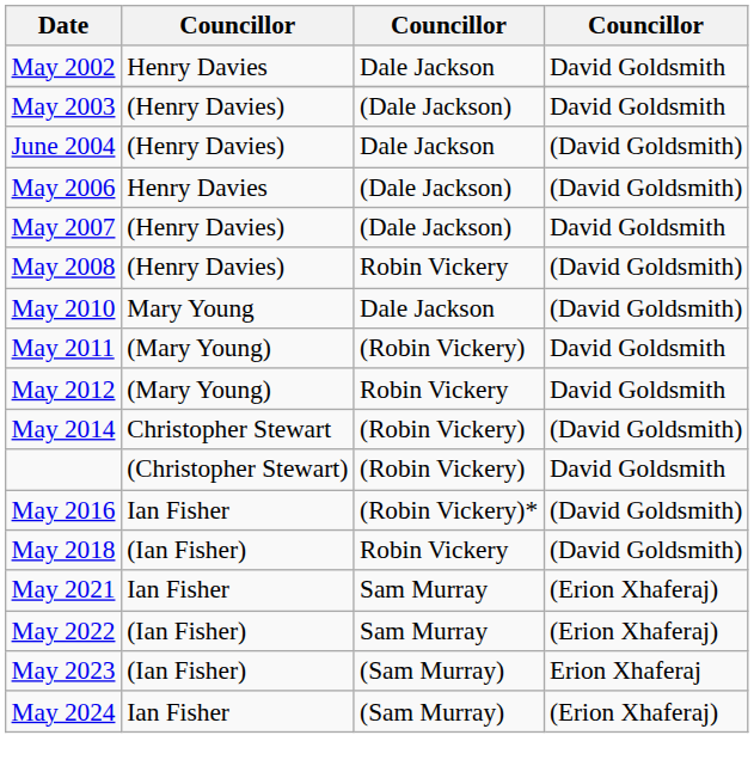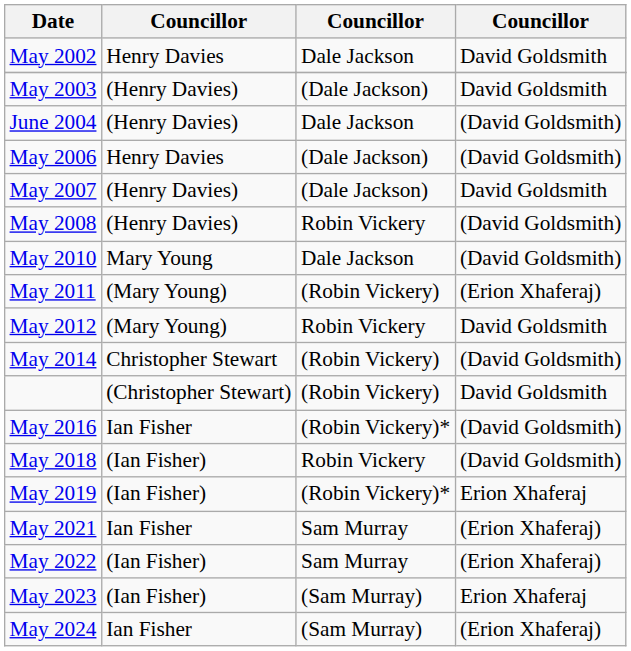 <table class="wikitable">
 <tr>
 <th>Date</th>
 <th>Councillor</th>
 <th>Councillor</th>
 <th>Councillor</th>
 </tr>
 <tr>
 <td><a href='#'>May 2002</a></td>
 <td ! style="background-color:">Henry Davies</td>
 <td ! style="background-color:">Dale Jackson</td>
 <td ! style="background-color:">David Goldsmith</td>
 </tr>
 <tr>
 </tr>
 <tr>
 <td><a href='#'>May 2003</a></td>
 <td ! style="background-color:">(Henry Davies)</td>
 <td ! style="background-color:">(Dale Jackson)</td>
 <td ! style="background-color:">David Goldsmith</td>
 </tr>
 <tr>
 <td><a href='#'>June 2004</a></td>
 <td ! style="background-color:">(Henry Davies)</td>
 <td ! style="background-color:">Dale Jackson</td>
 <td ! style="background-color:">(David Goldsmith)</td>
 </tr>
 <tr>
 <td><a href='#'>May 2006</a></td>
 <td ! style="background-color:">Henry Davies</td>
 <td ! style="background-color:">(Dale Jackson)</td>
 <td ! style="background-color:">(David Goldsmith)</td>
 </tr>
 <tr>
 <td><a href='#'>May 2007</a></td>
 <td ! style="background-color:">(Henry Davies)</td>
 <td ! style="background-color:">(Dale Jackson)</td>
 <td ! style="background-color:">David Goldsmith</td>
 </tr>
 <tr>
 <td><a href='#'>May 2008</a></td>
 <td ! style="background-color:">(Henry Davies)</td>
 <td ! style="background-color:">Robin Vickery</td>
 <td ! style="background-color:">(David Goldsmith)</td>
 </tr>
 <tr>
 <td><a href='#'>May 2010</a></td>
 <td ! style="background-color:">Mary Young</td>
 <td ! style="background-color:">Dale Jackson</td>
 <td ! style="background-color:">(David Goldsmith)</td>
 </tr>
 <tr>
 <td><a href='#'>May 2011</a></td>
 <td ! style="background-color:">(Mary Young)</td>
 <td ! style="background-color:">(Robin Vickery)</td>
-<td ! style="background-color:">David Goldsmith</td>
+<td ! style="background-color:">(Erion Xhaferaj)</td>
 </tr>
 <tr>
 <td><a href='#'>May 2012</a></td>
 <td ! style="background-color:">(Mary Young)</td>
 <td ! style="background-color:">Robin Vickery</td>
 <td ! style="background-color:">David Goldsmith</td>
 </tr>
 <tr>
 <td><a href='#'>May 2014</a></td>
 <td ! style="background-color:">Christopher Stewart</td>
 <td ! style="background-color:">(Robin Vickery)</td>
 <td ! style="background-color:">(David Goldsmith)</td>
 </tr>
 <tr>
 <td></td>
 <td ! style="background-color:">(Christopher Stewart)</td>
 <td ! style="background-color:">(Robin Vickery)</td>
 <td ! style="background-color:">David Goldsmith</td>
 </tr>
 <tr>
 <td><a href='#'>May 2016</a></td>
 <td ! style="background-color:">Ian Fisher</td>
 <td ! style="background-color:">(Robin Vickery)*</td>
 <td ! style="background-color:">(David Goldsmith)</td>
 </tr>
 <tr>
 <td><a href='#'>May 2018</a></td>
 <td ! style="background-color:">(Ian Fisher)</td>
 <td ! style="background-color:">Robin Vickery</td>
 <td ! style="background-color:">(David Goldsmith)</td>
 </tr>
 <tr>
+<td><a href='#'>May 2019</a></td>
+<td ! style="background-color:">(Ian Fisher)</td>
+<td ! style="background-color:">(Robin Vickery)*</td>
+<td ! style="background-color:">Erion Xhaferaj</td>
+</tr>
+<tr>
 <td><a href='#'>May 2021</a></td>
 <td ! style="background-color:">Ian Fisher</td>
 <td ! style="background-color:">Sam Murray</td>
 <td ! style="background-color:">(Erion Xhaferaj)</td>
 </tr>
 <tr>
 <td><a href='#'>May 2022</a></td>
 <td ! style="background-color:">(Ian Fisher)</td>
 <td ! style="background-color:">Sam Murray</td>
 <td ! style="background-color:">(Erion Xhaferaj)</td>
 </tr>
 <tr>
 <td><a href='#'>May 2023</a></td>
 <td ! style="background-color:">(Ian Fisher)</td>
 <td ! style="background-color:">(Sam Murray)</td>
 <td ! style="background-color:">Erion Xhaferaj</td>
 </tr>
 <tr>
 <td><a href='#'>May 2024</a></td>
 <td ! style="background-color:">Ian Fisher</td>
 <td ! style="background-color:">(Sam Murray)</td>
 <td ! style="background-color:">(Erion Xhaferaj)</td>
 </tr>
 </table>
